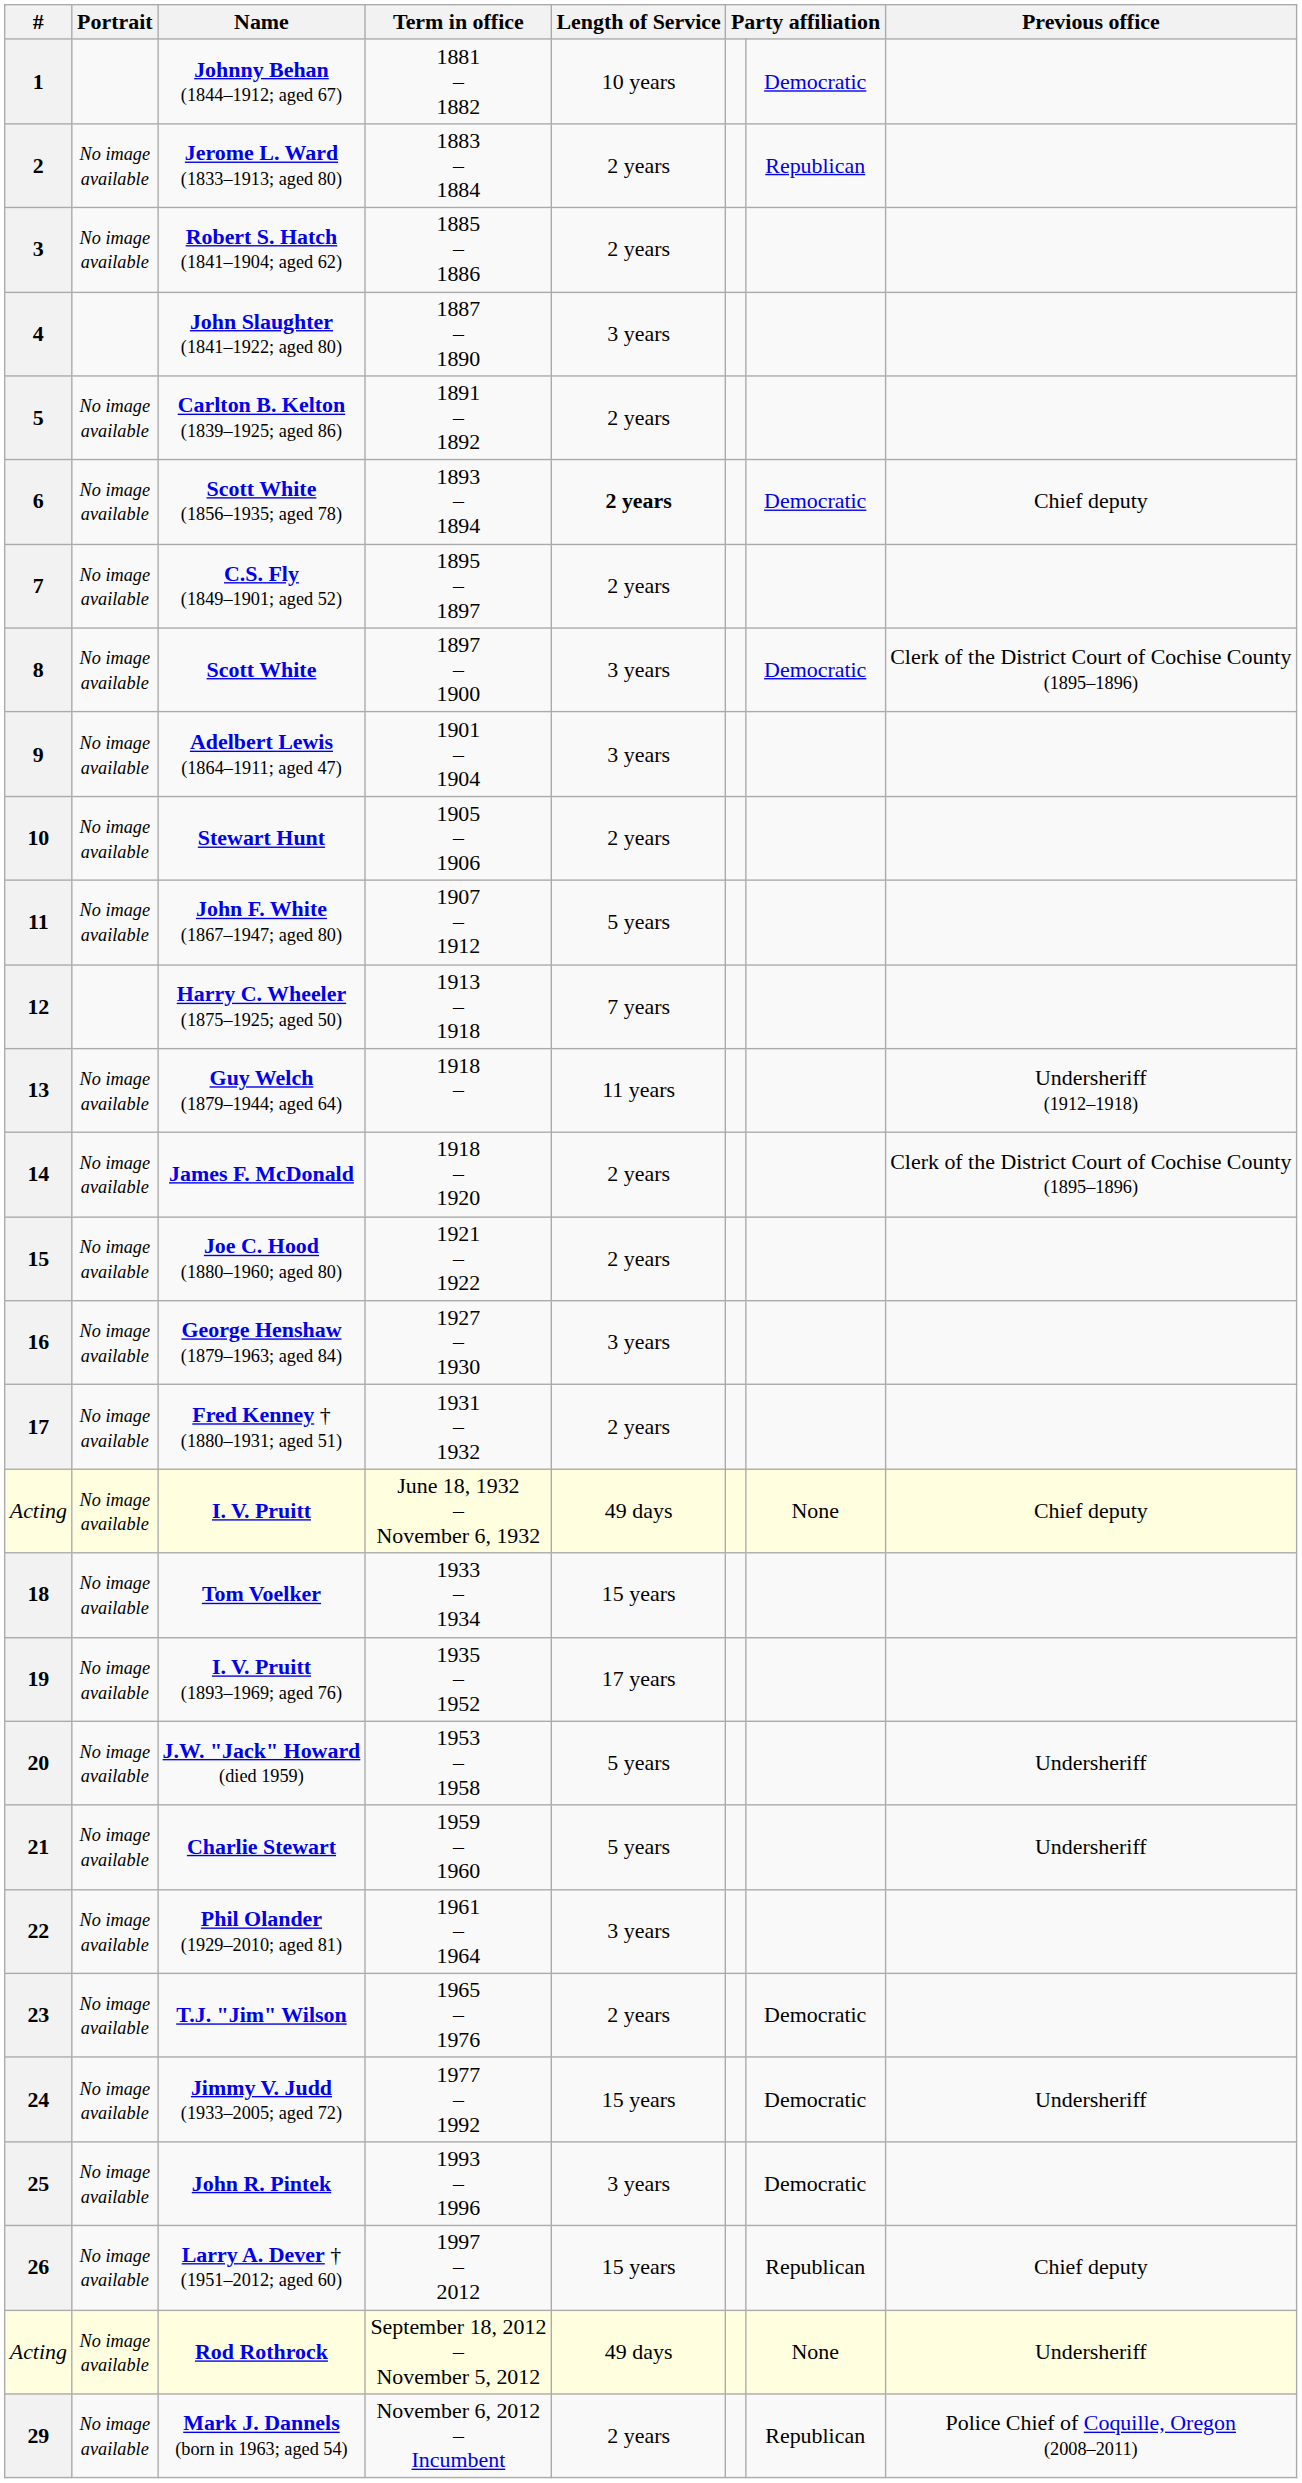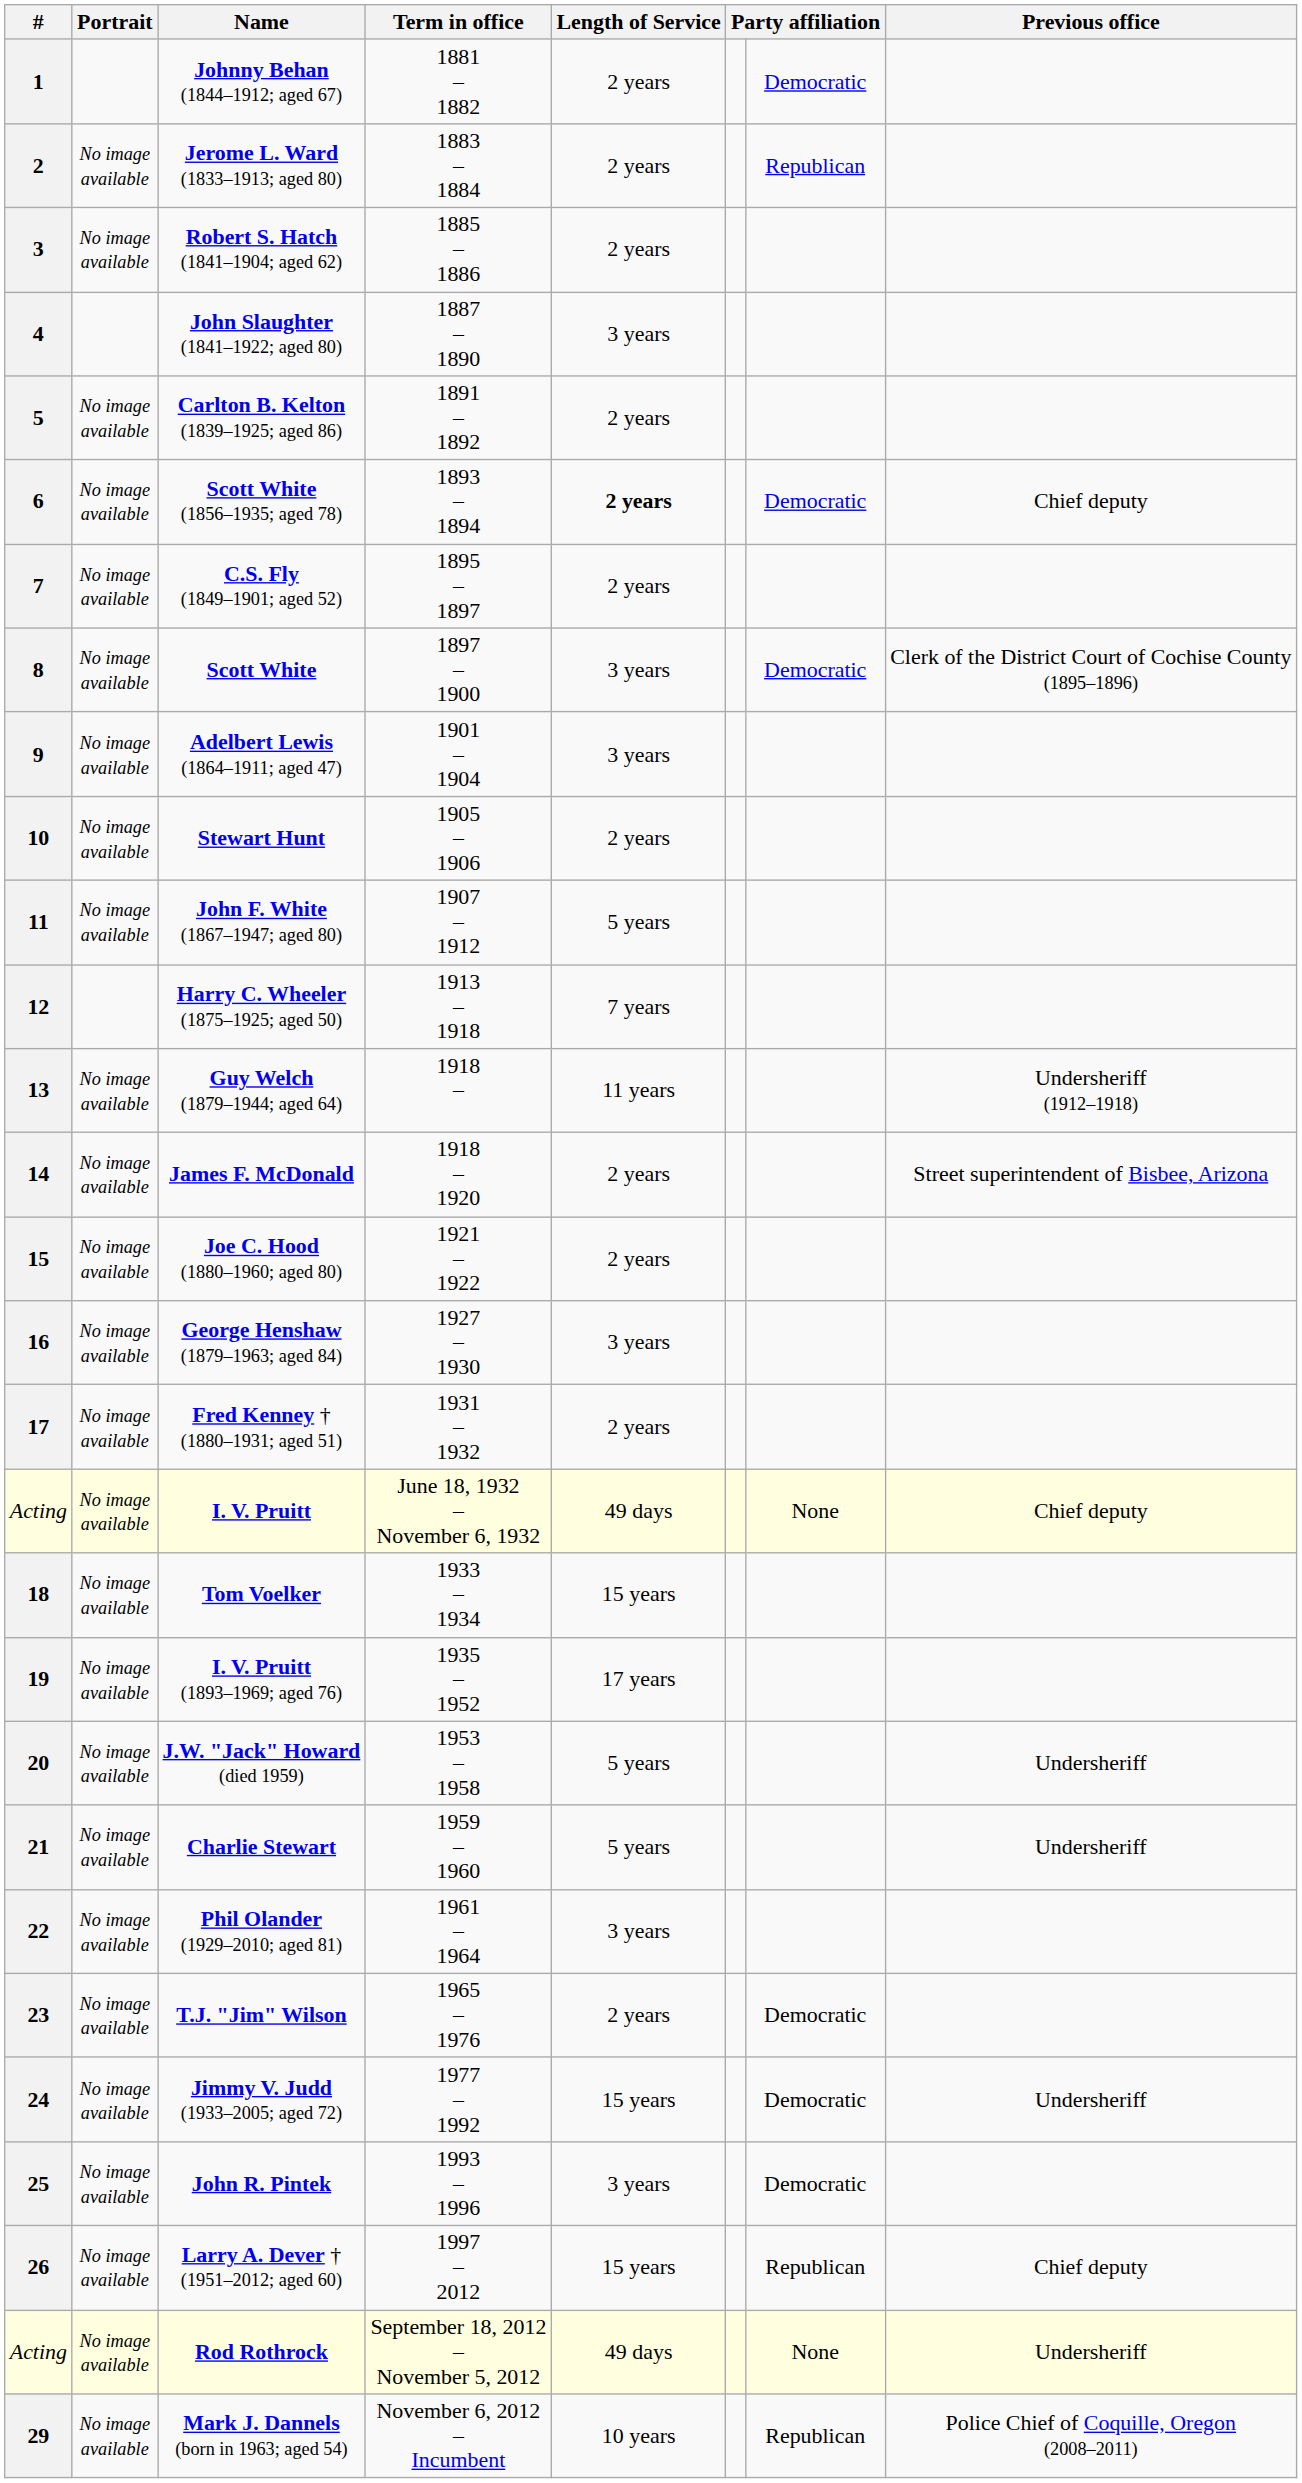 <table class="wikitable" style="text-align: center;">
 <tr>
 <th>#</th>
 <th>Portrait</th>
 <th>Name</th>
 <th>Term in office</th>
 <th>Length of Service</th>
 <th colspan="2">Party affiliation</th>
 <th>Previous office</th>
 </tr>
 <tr>
 <th>1</th>
 <td></td>
 <td><strong><a href='#'>Johnny Behan</a></strong><br><small>(1844–1912; aged 67)</small></td>
 <td><span>1881</span><br>–<br><span>1882</span><br></td>
-<td>10 years</td>
+<td>2 years</td>
 <td style="background:"> </td>
 <td><a href='#'>Democratic</a></td>
 <td></td>
 </tr>
 <tr>
 <th>2</th>
 <td><small><em>No image <br>available</em></small></td>
 <td><strong><a href='#'>Jerome L. Ward</a></strong><br><small>(1833–1913; aged 80)</small></td>
 <td><span>1883</span><br>–<br><span>1884</span><br></td>
 <td>2 years</td>
 <td style="background:"> </td>
 <td><a href='#'>Republican</a></td>
 <td></td>
 </tr>
 <tr>
 <th>3</th>
 <td><small><em>No image <br>available</em></small></td>
 <td><strong><a href='#'>Robert S. Hatch</a></strong><br><small>(1841–1904; aged 62)</small></td>
 <td><span>1885</span><br>–<br><span>1886</span><br></td>
 <td>2 years</td>
 <td></td>
 <td></td>
 <td></td>
 </tr>
 <tr>
 <th>4</th>
 <td></td>
 <td><strong><a href='#'>John Slaughter</a></strong><br><small>(1841–1922; aged 80)</small></td>
 <td><span>1887</span><br>–<br><span>1890</span><br></td>
 <td>3 years</td>
 <td></td>
 <td></td>
 <td></td>
 </tr>
 <tr>
 <th>5</th>
 <td><small><em>No image <br>available</em></small></td>
 <td><strong><a href='#'>Carlton B. Kelton</a></strong><br><small>(1839–1925; aged 86)</small></td>
 <td><span>1891</span><br>–<br><span>1892</span><br></td>
 <td>2 years</td>
 <td></td>
 <td></td>
 <td></td>
 </tr>
 <tr>
 <th>6</th>
 <td><small><em>No image <br>available</em></small></td>
 <td><strong><a href='#'>Scott White</a></strong><br><small>(1856–1935; aged 78)</small></td>
 <td><span>1893</span><br>–<br><span>1894</span><br></td>
 <td><strong>2 years</strong></td>
 <td style="background:"> </td>
 <td><a href='#'>Democratic</a></td>
 <td>Chief deputy</td>
 </tr>
 <tr>
 <th>7</th>
 <td><small><em>No image <br>available</em></small></td>
 <td><strong><a href='#'>C.S. Fly</a></strong><br><small>(1849–1901; aged 52)</small></td>
 <td><span>1895</span><br>–<br><span>1897</span><br></td>
 <td>2 years</td>
 <td></td>
 <td></td>
 <td></td>
 </tr>
 <tr>
 <th>8</th>
 <td><small><em>No image <br>available</em></small></td>
 <td><strong><a href='#'>Scott White</a></strong></td>
 <td><span>1897</span><br>–<br><span>1900</span><br></td>
 <td>3 years</td>
 <td style="background:"> </td>
 <td><a href='#'>Democratic</a></td>
 <td>Clerk of the District Court of Cochise County<br><small>(1895–1896)</small></td>
 </tr>
 <tr>
 <th>9</th>
 <td><small><em>No image <br>available</em></small></td>
 <td><strong><a href='#'>Adelbert Lewis</a></strong><br><small>(1864–1911; aged 47)</small></td>
 <td><span>1901</span><br>–<br><span>1904</span><br></td>
 <td>3 years</td>
 <td></td>
 <td></td>
 <td></td>
 </tr>
 <tr>
 <th>10</th>
 <td><small><em>No image <br>available</em></small></td>
 <td><strong><a href='#'>Stewart Hunt</a></strong></td>
 <td><span>1905</span><br>–<br><span>1906</span><br></td>
 <td>2 years</td>
 <td></td>
 <td></td>
 <td></td>
 </tr>
 <tr>
 <th>11</th>
 <td><small><em>No image <br>available</em></small></td>
 <td><strong><a href='#'>John F. White</a></strong><br><small>(1867–1947; aged 80)</small></td>
 <td><span>1907</span><br>–<br><span>1912</span><br></td>
 <td>5 years</td>
 <td></td>
 <td></td>
 <td></td>
 </tr>
 <tr>
 <th>12</th>
 <td></td>
 <td><strong><a href='#'>Harry C. Wheeler</a></strong><br><small>(1875–1925; aged 50)</small></td>
 <td><span>1913</span><br>–<br><span>1918</span><br></td>
 <td>7 years</td>
 <td></td>
 <td></td>
 <td></td>
 </tr>
 <tr>
 <th>13</th>
 <td><small><em>No image <br>available</em></small></td>
 <td><strong><a href='#'>Guy Welch</a></strong><br><small>(1879–1944; aged 64)</small></td>
 <td><span>1918</span><br>–<br><span></span><br></td>
 <td>11 years</td>
 <td></td>
 <td></td>
 <td>Undersheriff<br><small>(1912–1918)</small></td>
 </tr>
 <tr>
 <th>14</th>
 <td><small><em>No image <br>available</em></small></td>
 <td><strong><a href='#'>James F. McDonald</a></strong></td>
 <td><span>1918</span><br>–<br><span>1920</span><br></td>
 <td>2 years</td>
 <td></td>
 <td></td>
-<td>Clerk of the District Court of Cochise County<br><small>(1895–1896)</small></td>
+<td>Street superintendent of <a href='#'>Bisbee, Arizona</a></td>
 </tr>
 <tr>
 <th>15</th>
 <td><small><em>No image <br>available</em></small></td>
 <td><strong><a href='#'>Joe C. Hood</a></strong><br><small>(1880–1960; aged 80)</small></td>
 <td><span>1921</span><br>–<br><span>1922</span><br></td>
 <td>2 years</td>
 <td></td>
 <td></td>
 <td></td>
 </tr>
 <tr>
 <th>16</th>
 <td><small><em>No image <br>available</em></small></td>
 <td><strong><a href='#'>George Henshaw</a></strong><br><small>(1879–1963; aged 84)</small></td>
 <td><span>1927</span><br>–<br><span>1930</span><br></td>
 <td>3 years</td>
 <td></td>
 <td></td>
 <td></td>
 </tr>
 <tr>
 <th>17</th>
 <td><small><em>No image <br>available</em></small></td>
 <td><strong><a href='#'>Fred Kenney</a></strong> †<br><small>(1880–1931; aged 51)</small></td>
 <td><span>1931</span><br>–<br><span>1932</span><br></td>
 <td>2 years</td>
 <td></td>
 <td></td>
 <td></td>
 </tr>
 <tr style="background:lightyellow">
 <td><em>Acting</em></td>
 <td><small><em>No image <br>available</em></small></td>
 <td align=center><strong><a href='#'>I. V. Pruitt</a></strong></td>
 <td>June 18, 1932<br> –<br>November 6, 1932</td>
 <td align=center>49 days</td>
 <td style="background:"> </td>
 <td>None</td>
 <td>Chief deputy</td>
 </tr>
 <tr>
 <th>18</th>
 <td><small><em>No image <br>available</em></small></td>
 <td><strong><a href='#'>Tom Voelker</a></strong></td>
 <td><span>1933</span><br>–<br><span>1934</span><br></td>
 <td>15 years</td>
 <td></td>
 <td></td>
 <td></td>
 </tr>
 <tr>
 <th>19</th>
 <td><small><em>No image <br>available</em></small></td>
 <td><strong><a href='#'>I. V. Pruitt</a></strong><br><small>(1893–1969; aged 76)</small></td>
 <td><span>1935</span><br>–<br><span>1952</span><br></td>
 <td>17 years</td>
 <td></td>
 <td></td>
 <td></td>
 </tr>
 <tr>
 <th>20</th>
 <td><small><em>No image <br>available</em></small></td>
 <td><strong><a href='#'>J.W. "Jack" Howard</a></strong><br><small>(died 1959)</small></td>
 <td><span>1953</span><br>–<br><span>1958</span><br></td>
 <td>5 years</td>
 <td></td>
 <td></td>
 <td>Undersheriff</td>
 </tr>
 <tr>
 <th>21</th>
 <td><small><em>No image <br>available</em></small></td>
 <td><strong><a href='#'>Charlie Stewart</a></strong></td>
 <td><span>1959</span><br>–<br><span>1960</span><br></td>
 <td>5 years</td>
 <td></td>
 <td></td>
 <td>Undersheriff</td>
 </tr>
 <tr>
 <th>22</th>
 <td><small><em>No image <br>available</em></small></td>
 <td><strong><a href='#'>Phil Olander</a></strong><br><small>(1929–2010; aged 81)</small></td>
 <td><span>1961</span><br>–<br><span>1964</span><br></td>
 <td>3 years</td>
 <td></td>
 <td></td>
 <td></td>
 </tr>
 <tr>
 <th>23</th>
 <td><small><em>No image <br>available</em></small></td>
 <td><strong><a href='#'>T.J. "Jim" Wilson</a></strong></td>
 <td><span>1965</span><br>–<br><span>1976</span><br></td>
 <td>2 years</td>
 <td style="background:"> </td>
 <td>Democratic</td>
 <td></td>
 </tr>
 <tr>
 <th>24</th>
 <td><small><em>No image <br>available</em></small></td>
 <td><strong><a href='#'>Jimmy V. Judd</a></strong><br><small>(1933–2005; aged 72)</small></td>
 <td><span>1977</span><br>–<br><span>1992</span><br></td>
 <td>15 years</td>
 <td style="background:"> </td>
 <td>Democratic</td>
 <td>Undersheriff</td>
 </tr>
 <tr>
 <th>25</th>
 <td><small><em>No image <br>available</em></small></td>
 <td><strong><a href='#'>John R. Pintek</a></strong></td>
 <td><span>1993</span><br>–<br><span>1996</span><br></td>
 <td>3 years</td>
 <td style="background:"> </td>
 <td>Democratic</td>
 </tr>
 <tr>
 <th>26</th>
 <td><small><em>No image <br>available</em></small></td>
 <td><strong><a href='#'>Larry A. Dever</a></strong> †<br><small>(1951–2012; aged 60)</small></td>
 <td><span>1997</span><br>–<br><span>2012</span><br></td>
 <td>15 years</td>
 <td style="background:"> </td>
 <td>Republican</td>
 <td>Chief deputy</td>
 </tr>
 <tr style="background:lightyellow">
 <td><em>Acting</em></td>
 <td><small><em>No image <br>available</em></small></td>
 <td align=center><strong><a href='#'>Rod Rothrock</a></strong></td>
 <td>September 18, 2012<br> –<br>November 5, 2012</td>
 <td align=center>49 days</td>
 <td style="background:"> </td>
 <td>None</td>
 <td>Undersheriff</td>
 </tr>
 <tr>
 <th>29</th>
 <td><small><em>No image <br>available</em></small></td>
 <td><strong><a href='#'>Mark J. Dannels</a></strong><br><small>(born in 1963; aged 54)</small></td>
 <td><span>November 6, 2012</span><br>–<br><span><a href='#'>Incumbent</a></span><br></td>
-<td>2 years</td>
+<td>10 years</td>
 <td style="background:"> </td>
 <td>Republican</td>
 <td>Police Chief of <a href='#'>Coquille, Oregon</a><br><small>(2008–2011)</small></td>
 </tr>
 </table>
